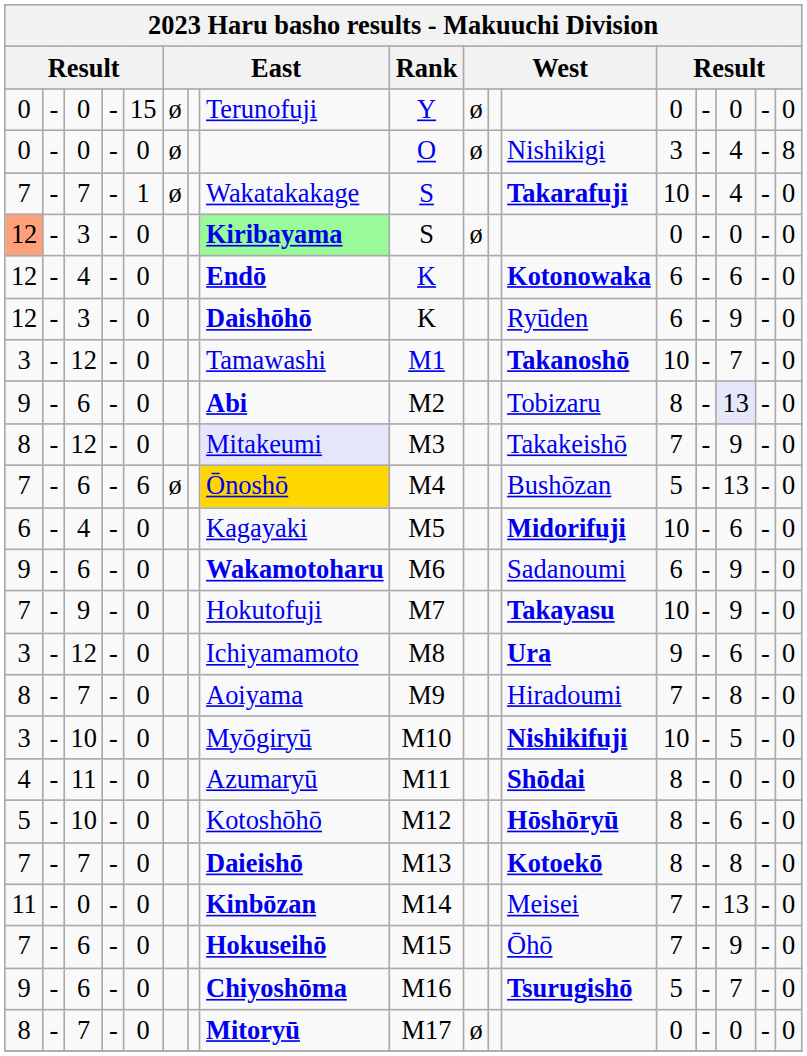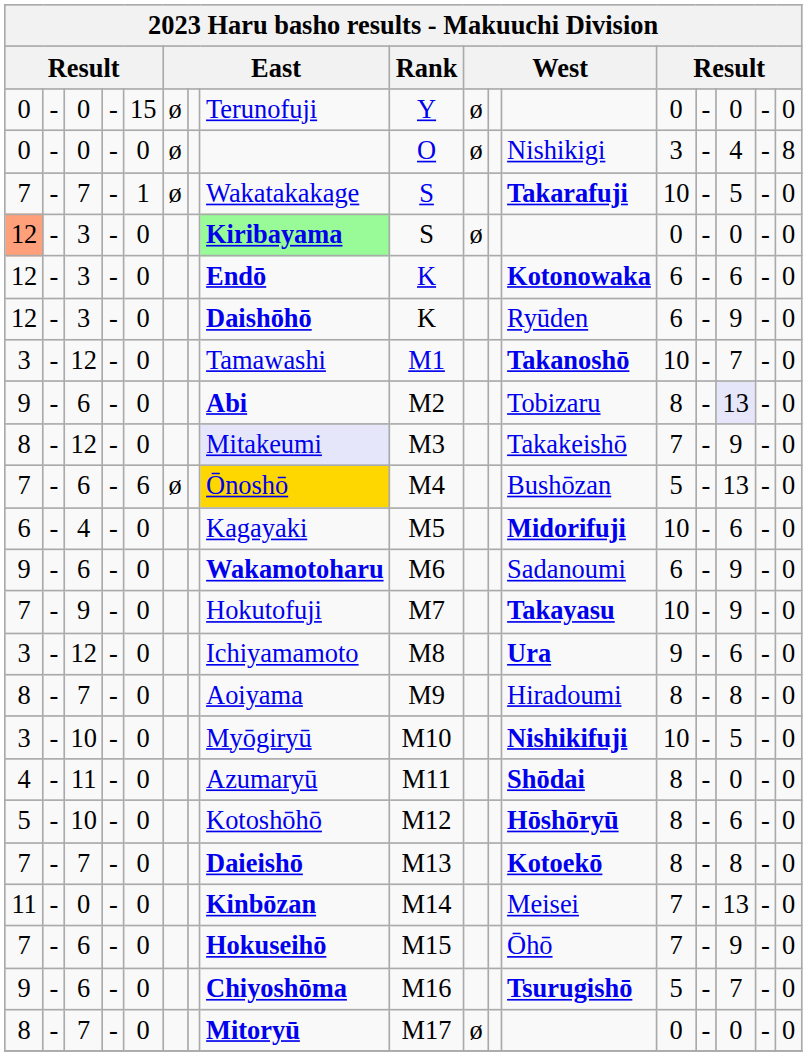 <table class="wikitable" style="text-align:center">
 <tr>
 <th colspan="17">2023 Haru basho results - Makuuchi Division</th>
 </tr>
 <tr>
 <th colspan="5">Result</th>
 <th colspan="3">East</th>
 <th>Rank</th>
 <th colspan="3">West</th>
 <th colspan="5">Result</th>
 </tr>
 <tr>
 <td>0</td>
 <td>-</td>
 <td>0</td>
 <td>-</td>
 <td>15</td>
 <td>ø</td>
 <td></td>
 <td style="text-align:left;"><a href='#'>Terunofuji</a></td>
 <td><a href='#'>Y</a></td>
 <td>ø</td>
 <td></td>
 <td></td>
 <td>0</td>
 <td>-</td>
 <td>0</td>
 <td>-</td>
 <td>0</td>
 </tr>
 <tr>
 <td>0</td>
 <td>-</td>
 <td>0</td>
 <td>-</td>
 <td>0</td>
 <td>ø</td>
 <td></td>
 <td></td>
 <td><a href='#'>O</a></td>
 <td>ø</td>
 <td></td>
 <td style="text-align:left;"><a href='#'>Nishikigi</a></td>
 <td>3</td>
 <td>-</td>
 <td>4</td>
 <td>-</td>
 <td>8</td>
 </tr>
 <tr>
 <td>7</td>
 <td>-</td>
 <td>7</td>
 <td>-</td>
 <td>1</td>
 <td>ø</td>
 <td></td>
 <td style="text-align:left;"><a href='#'>Wakatakakage</a></td>
 <td><a href='#'>S</a></td>
 <td></td>
 <td></td>
 <td style="text-align:left;"><strong><a href='#'>Takarafuji</a></strong></td>
 <td>10</td>
 <td>-</td>
-<td>4</td>
+<td>5</td>
 <td>-</td>
 <td>0</td>
 </tr>
 <tr>
 <td style="background: lightsalmon;">12</td>
 <td>-</td>
 <td>3</td>
 <td>-</td>
 <td>0</td>
 <td></td>
 <td></td>
 <td style="text-align:left; background:palegreen;"><strong><a href='#'>Kiribayama</a></strong></td>
 <td>S</td>
 <td>ø</td>
 <td></td>
 <td></td>
 <td>0</td>
 <td>-</td>
 <td>0</td>
 <td>-</td>
 <td>0</td>
 </tr>
 <tr>
 <td>12</td>
 <td>-</td>
-<td>4</td>
+<td>3</td>
 <td>-</td>
 <td>0</td>
 <td></td>
 <td></td>
 <td style="text-align:left;"><strong><a href='#'>Endō</a></strong></td>
 <td><a href='#'>K</a></td>
 <td></td>
 <td></td>
 <td style="text-align:left;"><strong><a href='#'>Kotonowaka</a></strong></td>
 <td>6</td>
 <td>-</td>
 <td>6</td>
 <td>-</td>
 <td>0</td>
 </tr>
 <tr>
 <td>12</td>
 <td>-</td>
 <td>3</td>
 <td>-</td>
 <td>0</td>
 <td></td>
 <td></td>
 <td style="text-align:left;"><strong><a href='#'>Daishōhō</a></strong></td>
 <td>K</td>
 <td></td>
 <td></td>
 <td style="text-align:left;"><a href='#'>Ryūden</a></td>
 <td>6</td>
 <td>-</td>
 <td>9</td>
 <td>-</td>
 <td>0</td>
 </tr>
 <tr>
 <td>3</td>
 <td>-</td>
 <td>12</td>
 <td>-</td>
 <td>0</td>
 <td></td>
 <td></td>
 <td style="text-align:left;"><a href='#'>Tamawashi</a></td>
 <td><a href='#'>M1</a></td>
 <td></td>
 <td></td>
 <td style="text-align:left;"><strong><a href='#'>Takanoshō</a></strong></td>
 <td>10</td>
 <td>-</td>
 <td>7</td>
 <td>-</td>
 <td>0</td>
 </tr>
 <tr>
 <td>9</td>
 <td>-</td>
 <td>6</td>
 <td>-</td>
 <td>0</td>
 <td></td>
 <td></td>
 <td style="text-align:left;"><strong><a href='#'>Abi</a></strong></td>
 <td>M2</td>
 <td></td>
 <td></td>
 <td style="text-align:left;"><a href='#'>Tobizaru</a></td>
 <td>8</td>
 <td>-</td>
 <td style="background: lavender;">13</td>
 <td>-</td>
 <td>0</td>
 </tr>
 <tr>
 <td>8</td>
 <td>-</td>
 <td>12</td>
 <td>-</td>
 <td>0</td>
 <td></td>
 <td></td>
 <td style="background: lavender; text-align:left;"><a href='#'>Mitakeumi</a></td>
 <td>M3</td>
 <td></td>
 <td></td>
 <td style="text-align:left;"><a href='#'>Takakeishō</a></td>
 <td>7</td>
 <td>-</td>
 <td>9</td>
 <td>-</td>
 <td>0</td>
 </tr>
 <tr>
 <td>7</td>
 <td>-</td>
 <td>6</td>
 <td>-</td>
 <td>6</td>
 <td>ø</td>
 <td></td>
 <td style="background: gold; text-align:left;"><a href='#'>Ōnoshō</a></td>
 <td>M4</td>
 <td></td>
 <td></td>
 <td style="text-align:left;"><a href='#'>Bushōzan</a></td>
 <td>5</td>
 <td>-</td>
 <td>13</td>
 <td>-</td>
 <td>0</td>
 </tr>
 <tr>
 <td>6</td>
 <td>-</td>
 <td>4</td>
 <td>-</td>
 <td>0</td>
 <td></td>
 <td></td>
 <td style="text-align:left;"><a href='#'>Kagayaki</a></td>
 <td>M5</td>
 <td></td>
 <td></td>
 <td style="text-align:left;"><strong><a href='#'>Midorifuji</a></strong></td>
 <td>10</td>
 <td>-</td>
 <td>6</td>
 <td>-</td>
 <td>0</td>
 </tr>
 <tr>
 <td>9</td>
 <td>-</td>
 <td>6</td>
 <td>-</td>
 <td>0</td>
 <td></td>
 <td></td>
 <td style="text-align:left;"><strong><a href='#'>Wakamotoharu</a></strong></td>
 <td>M6</td>
 <td></td>
 <td></td>
 <td style="text-align:left;"><a href='#'>Sadanoumi</a></td>
 <td>6</td>
 <td>-</td>
 <td>9</td>
 <td>-</td>
 <td>0</td>
 </tr>
 <tr>
 <td>7</td>
 <td>-</td>
 <td>9</td>
 <td>-</td>
 <td>0</td>
 <td></td>
 <td></td>
 <td style="text-align:left;"><a href='#'>Hokutofuji</a></td>
 <td>M7</td>
 <td></td>
 <td></td>
 <td style="text-align:left;"><strong><a href='#'>Takayasu</a> </strong></td>
 <td>10</td>
 <td>-</td>
 <td>9</td>
 <td>-</td>
 <td>0</td>
 </tr>
 <tr>
 <td>3</td>
 <td>-</td>
 <td>12</td>
 <td>-</td>
 <td>0</td>
 <td></td>
 <td></td>
 <td style="text-align:left;"><a href='#'>Ichiyamamoto</a></td>
 <td>M8</td>
 <td></td>
 <td></td>
 <td style="text-align:left;"><strong><a href='#'>Ura</a></strong></td>
 <td>9</td>
 <td>-</td>
 <td>6</td>
 <td>-</td>
 <td>0</td>
 </tr>
 <tr>
 <td>8</td>
 <td>-</td>
 <td>7</td>
 <td>-</td>
 <td>0</td>
 <td></td>
 <td></td>
 <td style="text-align:left;"><a href='#'>Aoiyama</a></td>
 <td>M9</td>
 <td></td>
 <td></td>
 <td style="text-align:left;"><a href='#'>Hiradoumi</a></td>
-<td>7</td>
+<td>8</td>
 <td>-</td>
 <td>8</td>
 <td>-</td>
 <td>0</td>
 </tr>
 <tr>
 <td>3</td>
 <td>-</td>
 <td>10</td>
 <td>-</td>
 <td>0</td>
 <td></td>
 <td></td>
 <td style="text-align:left;"><a href='#'>Myōgiryū</a></td>
 <td>M10</td>
 <td></td>
 <td></td>
 <td style="text-align:left;"><strong><a href='#'>Nishikifuji</a></strong></td>
 <td>10</td>
 <td>-</td>
 <td>5</td>
 <td>-</td>
 <td>0</td>
 </tr>
 <tr>
 <td>4</td>
 <td>-</td>
 <td>11</td>
 <td>-</td>
 <td>0</td>
 <td></td>
 <td></td>
 <td style="text-align:left;"><a href='#'>Azumaryū</a></td>
 <td>M11</td>
 <td></td>
 <td></td>
 <td style="text-align:left;"><strong><a href='#'>Shōdai</a> </strong></td>
 <td>8</td>
 <td>-</td>
 <td>0</td>
 <td>-</td>
 <td>0</td>
 </tr>
 <tr>
 <td>5</td>
 <td>-</td>
 <td>10</td>
 <td>-</td>
 <td>0</td>
 <td></td>
 <td></td>
 <td style="text-align:left;"><a href='#'>Kotoshōhō</a></td>
 <td>M12</td>
 <td></td>
 <td></td>
 <td style="text-align:left;"><strong><a href='#'>Hōshōryū</a></strong></td>
 <td>8</td>
 <td>-</td>
 <td>6</td>
 <td>-</td>
 <td>0</td>
 </tr>
 <tr>
 <td>7</td>
 <td>-</td>
 <td>7</td>
 <td>-</td>
 <td>0</td>
 <td></td>
 <td></td>
 <td style="text-align:left;"><strong><a href='#'>Daieishō</a></strong></td>
 <td>M13</td>
 <td></td>
 <td></td>
 <td style="text-align:left;"><strong><a href='#'>Kotoekō</a></strong></td>
 <td>8</td>
 <td>-</td>
 <td>8</td>
 <td>-</td>
 <td>0</td>
 </tr>
 <tr>
 <td>11</td>
 <td>-</td>
 <td>0</td>
 <td>-</td>
 <td>0</td>
 <td></td>
 <td></td>
 <td style="text-align:left;"><strong><a href='#'>Kinbōzan</a></strong></td>
 <td>M14</td>
 <td></td>
 <td></td>
 <td style="text-align:left;"><a href='#'>Meisei</a></td>
 <td>7</td>
 <td>-</td>
 <td>13</td>
 <td>-</td>
 <td>0</td>
 </tr>
 <tr>
 <td>7</td>
 <td>-</td>
 <td>6</td>
 <td>-</td>
 <td>0</td>
 <td></td>
 <td></td>
 <td style="text-align:left;"><strong><a href='#'>Hokuseihō</a></strong></td>
 <td>M15</td>
 <td></td>
 <td></td>
 <td style="text-align:left;"><a href='#'>Ōhō</a></td>
 <td>7</td>
 <td>-</td>
 <td>9</td>
 <td>-</td>
 <td>0</td>
 </tr>
 <tr>
 <td>9</td>
 <td>-</td>
 <td>6</td>
 <td>-</td>
 <td>0</td>
 <td></td>
 <td></td>
 <td style="text-align:left;"><strong><a href='#'>Chiyoshōma</a></strong></td>
 <td>M16</td>
 <td></td>
 <td></td>
 <td style="text-align:left;"><strong><a href='#'>Tsurugishō</a> </strong></td>
 <td>5</td>
 <td>-</td>
 <td>7</td>
 <td>-</td>
 <td>0</td>
 </tr>
 <tr>
 <td>8</td>
 <td>-</td>
 <td>7</td>
 <td>-</td>
 <td>0</td>
 <td></td>
 <td></td>
 <td style="text-align:left;"><strong><a href='#'>Mitoryū</a></strong></td>
 <td>M17</td>
 <td>ø</td>
 <td></td>
 <td></td>
 <td>0</td>
 <td>-</td>
 <td>0</td>
 <td>-</td>
 <td>0</td>
 </tr>
 <tr>
 </tr>
 </table>
